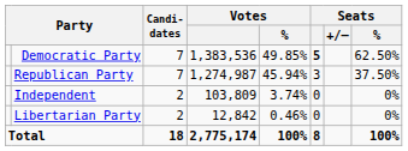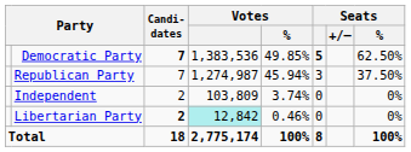 <table class="wikitable" style="font-size:100%; text-align:right;">
 <tr>
 <th colspan="2" rowspan="2">Party</th>
 <th rowspan="2"><small>Candi-</small><br><small>dates</small></th>
 <th colspan="2">Votes</th>
 <th colspan="3">Seats</th>
 </tr>
 <tr>
 <th></th>
 <th>%</th>
 <th></th>
 <th>+/–</th>
 <th>%</th>
 </tr>
 <tr>
 <td style="background:"></td>
 <td><a href='#'>Democratic Party</a></td>
-<td>7</td>
+<td><strong>7</strong></td>
 <td>1,383,536</td>
 <td>49.85%</td>
 <td><strong>5</strong></td>
 <td></td>
 <td>62.50%</td>
 </tr>
 <tr>
 <td style="background:"></td>
 <td align="left"><a href='#'>Republican Party</a></td>
 <td>7</td>
 <td>1,274,987</td>
 <td>45.94%</td>
 <td>3</td>
 <td></td>
 <td>37.50%</td>
 </tr>
 <tr>
 <td style="background:"></td>
 <td align="left"><a href='#'>Independent</a></td>
 <td>2</td>
 <td>103,809</td>
 <td>3.74%</td>
 <td>0</td>
 <td></td>
 <td>0%</td>
 </tr>
 <tr>
 <td style="background:"></td>
 <td align="left"><a href='#'>Libertarian Party</a></td>
-<td>2</td>
-<td>12,842</td>
+<td><strong>2</strong></td>
+<td style="background: paleturquoise;">12,842</td>
 <td>0.46%</td>
 <td>0</td>
 <td></td>
 <td>0%</td>
 </tr>
 <tr style="font-weight:bold">
 <td colspan="2" align="left">Total</td>
 <td>18</td>
 <td><strong>2,775,174</strong></td>
 <td>100%</td>
 <td>8</td>
 <td></td>
 <td>100%</td>
 </tr>
 </table>
